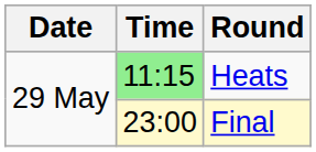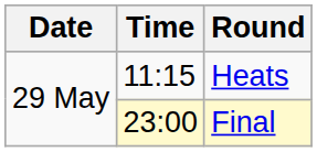 <table class="wikitable">
 <tr>
 <th>Date</th>
 <th>Time</th>
 <th>Round</th>
 </tr>
 <tr>
 <td rowspan="2">29 May</td>
-<td style="background: lightgreen;">11:15</td>
+<td>11:15</td>
 <td><a href='#'>Heats</a></td>
 </tr>
 <tr style=background:lemonchiffon>
 <td>23:00</td>
 <td><a href='#'>Final</a></td>
 </tr>
 </table>
